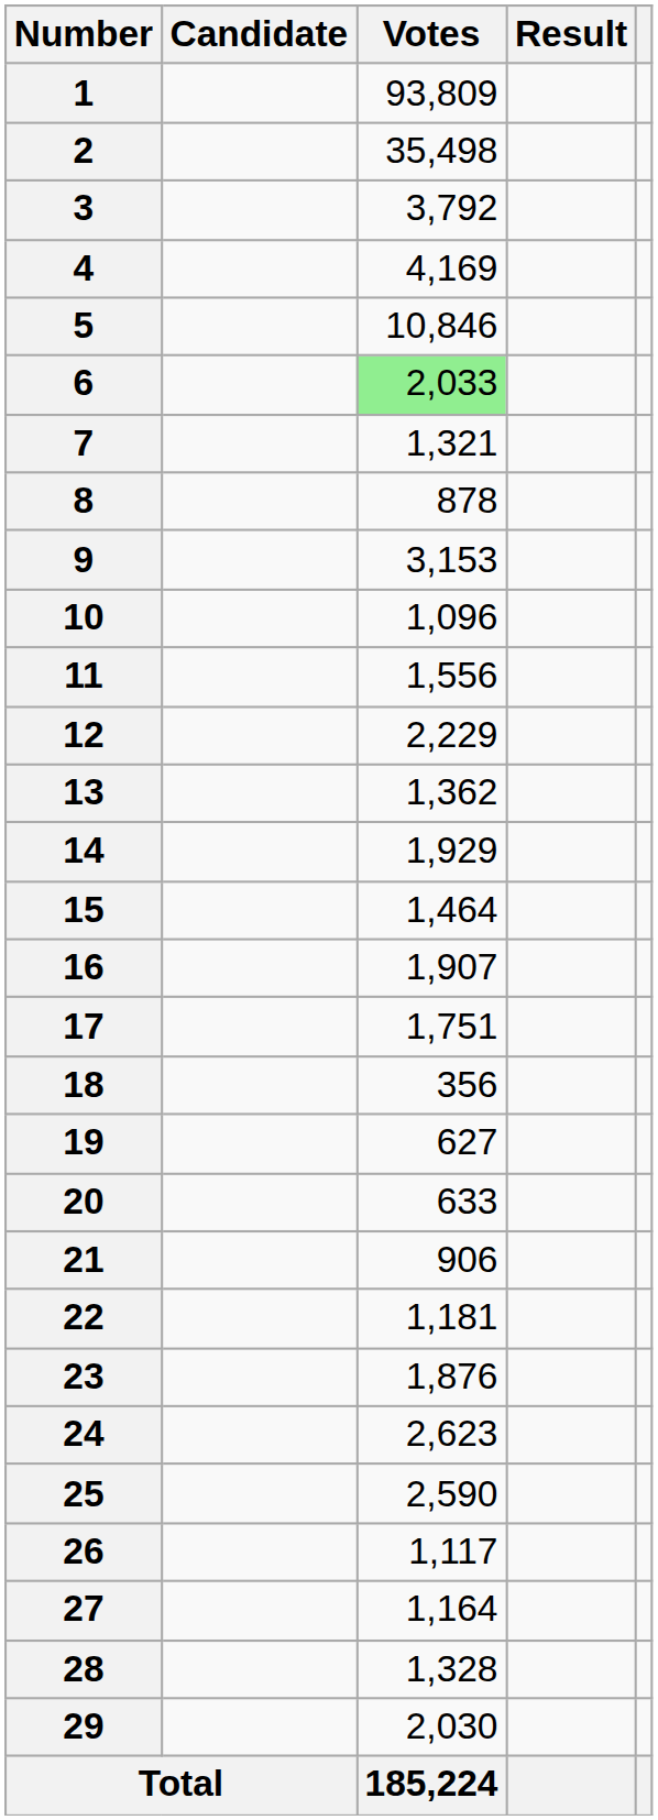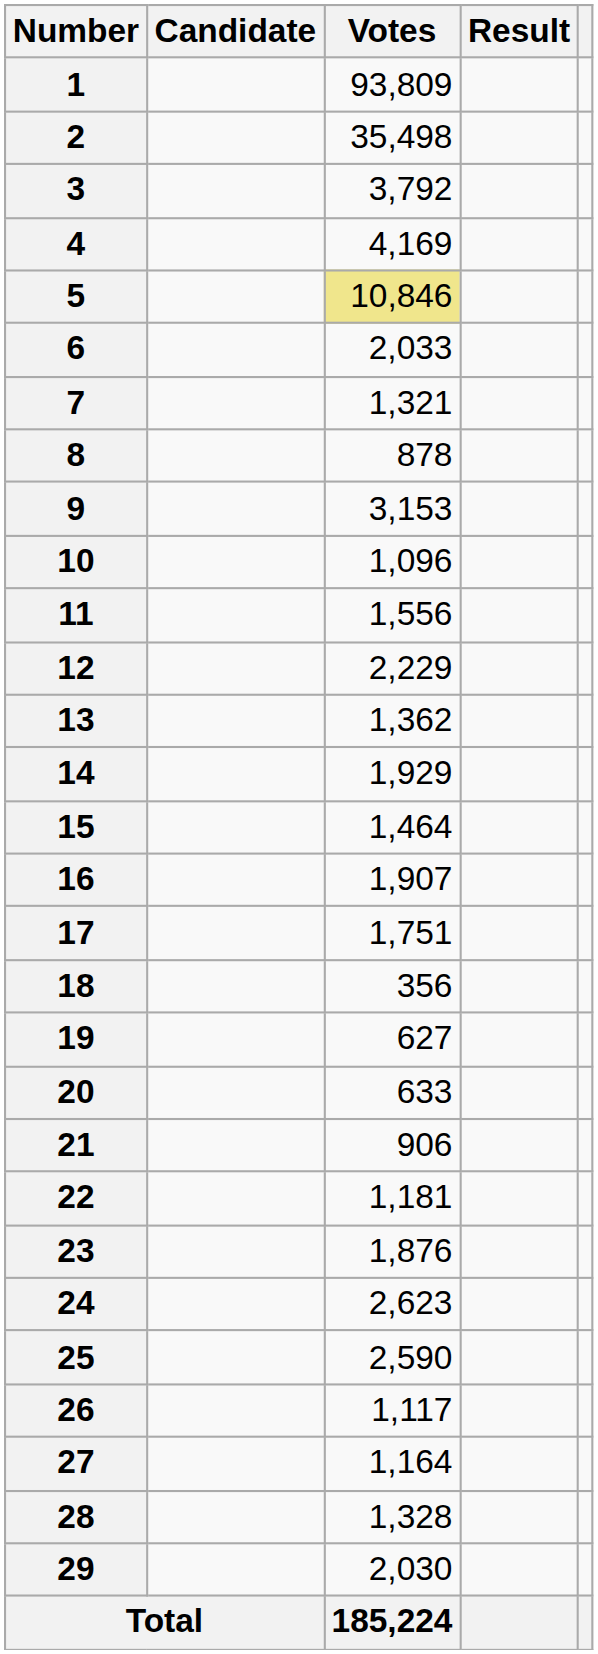 <table class="wikitable sortable">
 <tr>
 <th scope="col">Number</th>
 <th scope="col">Candidate</th>
 <th scope="col">Votes</th>
 <th scope="col">Result</th>
 <th scope="col" class="unsortable"></th>
 </tr>
 <tr>
 <th scope="row">1</th>
 <td></td>
 <td style="text-align:right">93,809</td>
 <td></td>
 <td></td>
 </tr>
 <tr>
 <th scope="row">2</th>
 <td></td>
 <td style="text-align:right">35,498</td>
 <td></td>
 <td></td>
 </tr>
 <tr>
 <th scope="row">3</th>
 <td></td>
 <td style="text-align:right">3,792</td>
 <td></td>
 <td></td>
 </tr>
 <tr>
 <th scope="row">4</th>
 <td></td>
 <td style="text-align:right">4,169</td>
 <td></td>
 <td></td>
 </tr>
 <tr>
 <th scope="row">5</th>
 <td></td>
-<td style="text-align:right">10,846</td>
+<td style="background: khaki; text-align:right">10,846</td>
 <td></td>
 <td></td>
 </tr>
 <tr>
 <th scope="row">6</th>
 <td></td>
-<td style="background: lightgreen; text-align:right">2,033</td>
+<td style="text-align:right">2,033</td>
 <td></td>
 <td></td>
 </tr>
 <tr>
 <th scope="row">7</th>
 <td></td>
 <td style="text-align:right">1,321</td>
 <td></td>
 <td></td>
 </tr>
 <tr>
 <th scope="row">8</th>
 <td></td>
 <td style="text-align:right">878</td>
 <td></td>
 <td></td>
 </tr>
 <tr>
 <th scope="row">9</th>
 <td></td>
 <td style="text-align:right">3,153</td>
 <td></td>
 <td></td>
 </tr>
 <tr>
 <th scope="row">10</th>
 <td></td>
 <td style="text-align:right">1,096</td>
 <td></td>
 <td></td>
 </tr>
 <tr>
 <th scope="row">11</th>
 <td></td>
 <td style="text-align:right">1,556</td>
 <td></td>
 <td></td>
 </tr>
 <tr>
 <th scope="row">12</th>
 <td></td>
 <td style="text-align:right">2,229</td>
 <td></td>
 <td></td>
 </tr>
 <tr>
 <th scope="row">13</th>
 <td></td>
 <td style="text-align:right">1,362</td>
 <td></td>
 <td></td>
 </tr>
 <tr>
 <th scope="row">14</th>
 <td></td>
 <td style="text-align:right">1,929</td>
 <td></td>
 <td></td>
 </tr>
 <tr>
 <th scope="row">15</th>
 <td></td>
 <td style="text-align:right">1,464</td>
 <td></td>
 <td></td>
 </tr>
 <tr>
 <th scope="row">16</th>
 <td></td>
 <td style="text-align:right">1,907</td>
 <td></td>
 <td></td>
 </tr>
 <tr>
 <th scope="row">17</th>
 <td></td>
 <td style="text-align:right">1,751</td>
 <td></td>
 <td></td>
 </tr>
 <tr>
 <th scope="row">18</th>
 <td></td>
 <td style="text-align:right">356</td>
 <td></td>
 <td></td>
 </tr>
 <tr>
 <th scope="row">19</th>
 <td></td>
 <td style="text-align:right">627</td>
 <td></td>
 <td></td>
 </tr>
 <tr>
 <th scope="row">20</th>
 <td></td>
 <td style="text-align:right">633</td>
 <td></td>
 <td></td>
 </tr>
 <tr>
 <th scope="row">21</th>
 <td></td>
 <td style="text-align:right">906</td>
 <td></td>
 <td></td>
 </tr>
 <tr>
 <th scope="row">22</th>
 <td></td>
 <td style="text-align:right">1,181</td>
 <td></td>
 <td></td>
 </tr>
 <tr>
 <th scope="row">23</th>
 <td></td>
 <td style="text-align:right">1,876</td>
 <td></td>
 <td></td>
 </tr>
 <tr>
 <th scope="row">24</th>
 <td></td>
 <td style="text-align:right">2,623</td>
 <td></td>
 <td></td>
 </tr>
 <tr>
 <th scope="row">25</th>
 <td></td>
 <td style="text-align:right">2,590</td>
 <td></td>
 <td></td>
 </tr>
 <tr>
 <th scope="row">26</th>
 <td></td>
 <td style="text-align:right">1,117</td>
 <td></td>
 <td></td>
 </tr>
 <tr>
 <th scope="row">27</th>
 <td></td>
 <td style="text-align:right">1,164</td>
 <td></td>
 <td></td>
 </tr>
 <tr>
 <th scope="row">28</th>
 <td></td>
 <td style="text-align:right">1,328</td>
 <td></td>
 <td></td>
 </tr>
 <tr>
 <th scope="row">29</th>
 <td></td>
 <td style="text-align:right">2,030</td>
 <td></td>
 <td></td>
 </tr>
 <tr class="sortbottom">
 <th scope="row" colspan="2">Total</th>
 <th style="text-align:right">185,224</th>
 <th></th>
 <th></th>
 </tr>
 </table>
